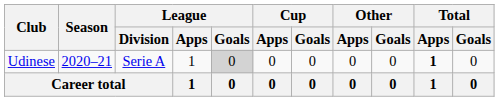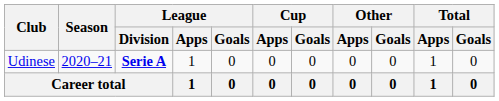 <table class="wikitable" style="text-align: center">
 <tr>
 <th rowspan="2">Club</th>
 <th rowspan="2">Season</th>
 <th colspan="3">League</th>
 <th colspan="2">Cup</th>
 <th colspan="2">Other</th>
 <th colspan="2">Total</th>
 </tr>
 <tr>
 <th>Division</th>
 <th>Apps</th>
 <th>Goals</th>
 <th>Apps</th>
 <th>Goals</th>
 <th>Apps</th>
 <th>Goals</th>
 <th>Apps</th>
 <th>Goals</th>
 </tr>
 <tr>
 <td><a href='#'>Udinese</a></td>
 <td><a href='#'>2020–21</a></td>
-<td><a href='#'>Serie A</a></td>
+<td><strong><a href='#'>Serie A</a></strong></td>
 <td>1</td>
-<td style="background: lightgrey;">0</td>
 <td>0</td>
 <td>0</td>
 <td>0</td>
 <td>0</td>
-<td><strong>1</strong></td>
+<td>0</td>
+<td>1</td>
 <td>0</td>
 </tr>
 <tr>
 <th colspan="3">Career total</th>
 <th>1</th>
 <th>0</th>
 <th>0</th>
 <th>0</th>
 <th>0</th>
 <th>0</th>
 <th>1</th>
 <th>0</th>
 </tr>
 </table>
